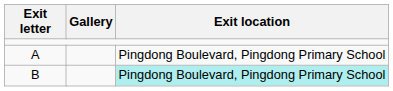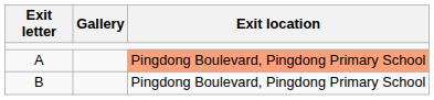 <table class="wikitable">
 <tr>
 <th colspan=2 style="width:70px">Exit letter</th>
 <th>Gallery</th>
 <th>Exit location</th>
 </tr>
 <tr style="background:#">
 <td colspan="4"></td>
 </tr>
 <tr>
 <td colspan=2 align=center>A</td>
 <td></td>
-<td>Pingdong Boulevard, Pingdong Primary School</td>
+<td style="background: lightsalmon;">Pingdong Boulevard, Pingdong Primary School</td>
 </tr>
 <tr>
 <td colspan=2 align=center>B</td>
 <td></td>
-<td style="background: paleturquoise;">Pingdong Boulevard, Pingdong Primary School</td>
+<td>Pingdong Boulevard, Pingdong Primary School</td>
 </tr>
 </table>
